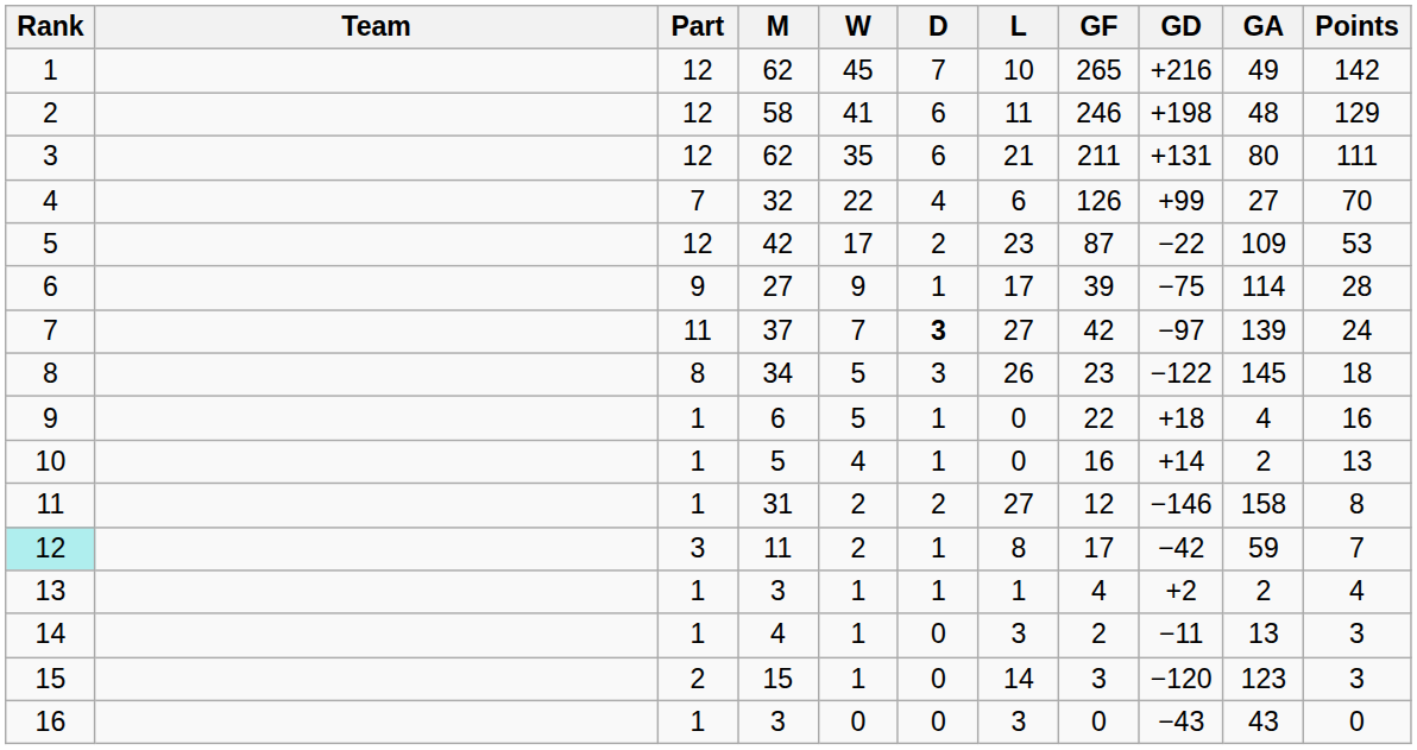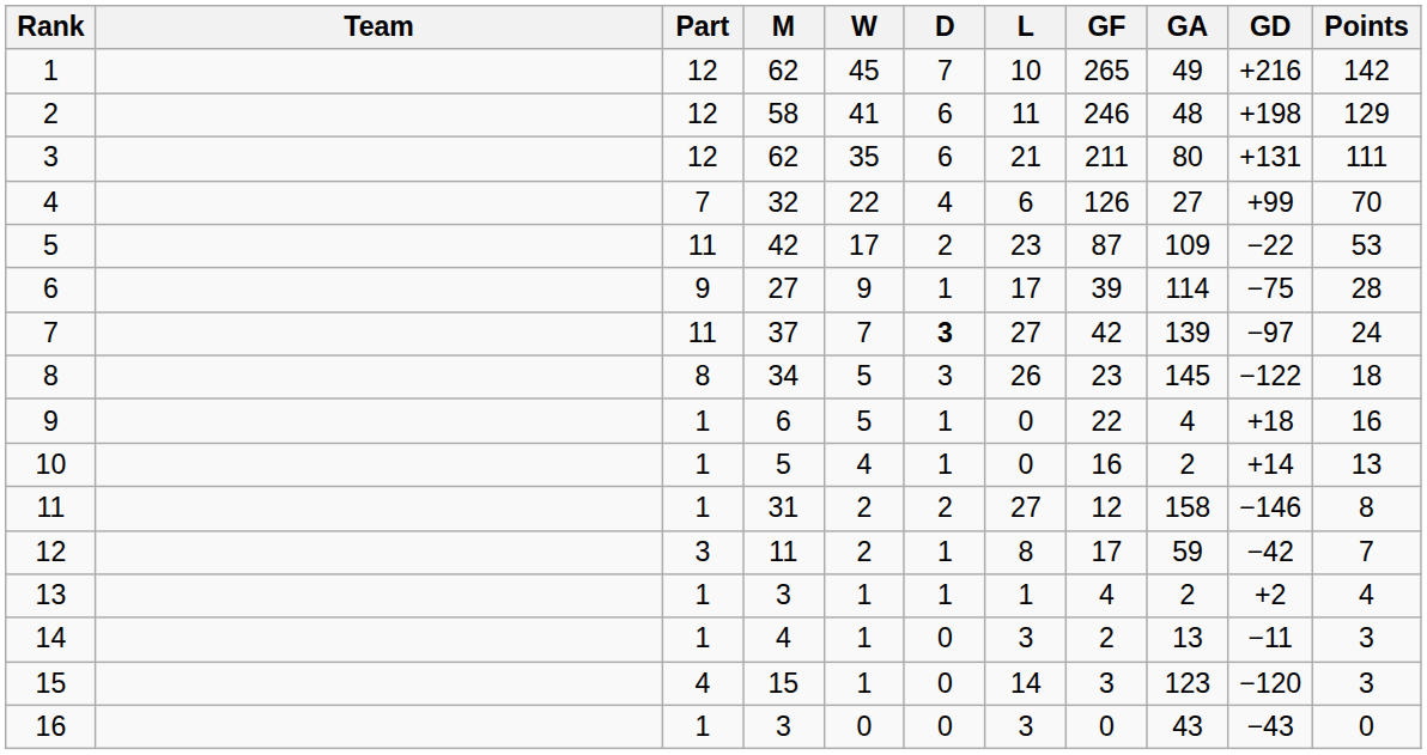 <table class="wikitable sortable" width=65% style="text-align:center">
 <tr>
 <th width=5%>Rank</th>
 <th width=35%>Team</th>
 <th width=5%>Part</th>
 <th width=5%>M</th>
 <th width=5%>W</th>
 <th width=5%>D</th>
 <th width=5%>L</th>
 <th width=5%>GF</th>
+<th width=5%>GA</th>
 <th width=5%>GD</th>
-<th width=5%>GA</th>
 <th width=5%>Points</th>
 </tr>
 <tr>
 <td>1</td>
 <td align=left></td>
 <td>12</td>
 <td>62</td>
 <td>45</td>
 <td>7</td>
 <td>10</td>
 <td>265</td>
+<td>49</td>
 <td>+216</td>
-<td>49</td>
 <td>142</td>
 </tr>
 <tr>
 <td>2</td>
 <td align=left></td>
 <td>12</td>
 <td>58</td>
 <td>41</td>
 <td>6</td>
 <td>11</td>
 <td>246</td>
+<td>48</td>
 <td>+198</td>
-<td>48</td>
 <td>129</td>
 </tr>
 <tr>
 <td>3</td>
 <td align=left></td>
 <td>12</td>
 <td>62</td>
 <td>35</td>
 <td>6</td>
 <td>21</td>
 <td>211</td>
+<td>80</td>
 <td>+131</td>
-<td>80</td>
 <td>111</td>
 </tr>
 <tr>
 <td>4</td>
 <td align=left></td>
 <td>7</td>
 <td>32</td>
 <td>22</td>
 <td>4</td>
 <td>6</td>
 <td>126</td>
+<td>27</td>
 <td>+99</td>
-<td>27</td>
 <td>70</td>
 </tr>
 <tr>
 <td>5</td>
 <td align=left></td>
-<td>12</td>
+<td>11</td>
 <td>42</td>
 <td>17</td>
 <td>2</td>
 <td>23</td>
 <td>87</td>
+<td>109</td>
 <td>−22</td>
-<td>109</td>
 <td>53</td>
 </tr>
 <tr>
 <td>6</td>
 <td align=left></td>
 <td>9</td>
 <td>27</td>
 <td>9</td>
 <td>1</td>
 <td>17</td>
 <td>39</td>
+<td>114</td>
 <td>−75</td>
-<td>114</td>
 <td>28</td>
 </tr>
 <tr>
 <td>7</td>
 <td align=left></td>
 <td>11</td>
 <td>37</td>
 <td>7</td>
 <td><strong>3</strong></td>
 <td>27</td>
 <td>42</td>
+<td>139</td>
 <td>−97</td>
-<td>139</td>
 <td>24</td>
 </tr>
 <tr>
 <td>8</td>
 <td align=left></td>
 <td>8</td>
 <td>34</td>
 <td>5</td>
 <td>3</td>
 <td>26</td>
 <td>23</td>
+<td>145</td>
 <td>−122</td>
-<td>145</td>
 <td>18</td>
 </tr>
 <tr>
 <td>9</td>
 <td align=left></td>
 <td>1</td>
 <td>6</td>
 <td>5</td>
 <td>1</td>
 <td>0</td>
 <td>22</td>
+<td>4</td>
 <td>+18</td>
-<td>4</td>
 <td>16</td>
 </tr>
 <tr>
 <td>10</td>
 <td align=left></td>
 <td>1</td>
 <td>5</td>
 <td>4</td>
 <td>1</td>
 <td>0</td>
 <td>16</td>
+<td>2</td>
 <td>+14</td>
-<td>2</td>
 <td>13</td>
 </tr>
 <tr>
 <td>11</td>
 <td align=left></td>
 <td>1</td>
 <td>31</td>
 <td>2</td>
 <td>2</td>
 <td>27</td>
 <td>12</td>
+<td>158</td>
 <td>−146</td>
-<td>158</td>
 <td>8</td>
 </tr>
 <tr>
-<td style="background: paleturquoise;">12</td>
+<td>12</td>
 <td align=left></td>
 <td>3</td>
 <td>11</td>
 <td>2</td>
 <td>1</td>
 <td>8</td>
 <td>17</td>
+<td>59</td>
 <td>−42</td>
-<td>59</td>
 <td>7</td>
 </tr>
 <tr>
 <td>13</td>
 <td align=left></td>
 <td>1</td>
 <td>3</td>
 <td>1</td>
 <td>1</td>
 <td>1</td>
 <td>4</td>
+<td>2</td>
 <td>+2</td>
-<td>2</td>
 <td>4</td>
 </tr>
 <tr>
 <td>14</td>
 <td align=left></td>
 <td>1</td>
 <td>4</td>
 <td>1</td>
 <td>0</td>
 <td>3</td>
 <td>2</td>
+<td>13</td>
 <td>−11</td>
-<td>13</td>
 <td>3</td>
 </tr>
 <tr>
 <td>15</td>
 <td align=left></td>
-<td>2</td>
+<td>4</td>
 <td>15</td>
 <td>1</td>
 <td>0</td>
 <td>14</td>
 <td>3</td>
+<td>123</td>
 <td>−120</td>
-<td>123</td>
 <td>3</td>
 </tr>
 <tr>
 <td>16</td>
 <td align=left></td>
 <td>1</td>
 <td>3</td>
 <td>0</td>
 <td>0</td>
 <td>3</td>
 <td>0</td>
+<td>43</td>
 <td>−43</td>
-<td>43</td>
 <td>0</td>
 </tr>
 </table>
